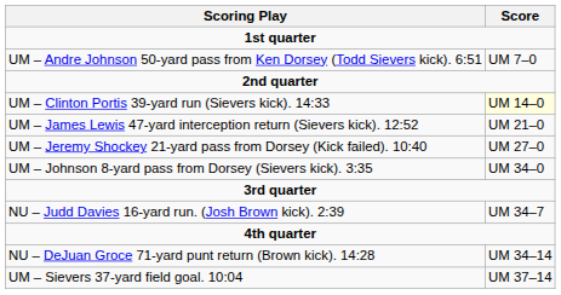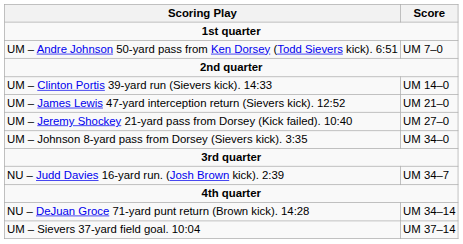 <table class="wikitable">
 <tr>
 <th>Scoring Play</th>
 <th>Score</th>
 </tr>
 <tr>
 <td colspan="4" align="center"><strong>1st quarter</strong></td>
 </tr>
 <tr>
 <td>UM – <a href='#'>Andre Johnson</a> 50-yard pass from <a href='#'>Ken Dorsey</a> (<a href='#'>Todd Sievers</a> kick). 6:51</td>
 <td>UM 7–0</td>
 </tr>
 <tr>
 <td colspan="4" align="center"><strong>2nd quarter</strong></td>
 </tr>
 <tr>
 <td>UM – <a href='#'>Clinton Portis</a> 39-yard run (Sievers kick). 14:33</td>
-<td style="background: lightyellow;">UM 14–0</td>
+<td>UM 14–0</td>
 </tr>
 <tr>
 <td>UM – <a href='#'>James Lewis</a> 47-yard interception return (Sievers kick). 12:52</td>
 <td>UM 21–0</td>
 </tr>
 <tr>
 <td>UM – <a href='#'>Jeremy Shockey</a> 21-yard pass from Dorsey (Kick failed). 10:40</td>
 <td>UM 27–0</td>
 </tr>
 <tr>
 <td>UM – Johnson 8-yard pass from Dorsey (Sievers kick). 3:35</td>
 <td>UM 34–0</td>
 </tr>
 <tr>
 <td colspan="6" align="center"><strong>3rd quarter</strong></td>
 </tr>
 <tr>
 <td>NU – <a href='#'>Judd Davies</a> 16-yard run. (<a href='#'>Josh Brown</a> kick). 2:39</td>
 <td>UM 34–7</td>
 </tr>
 <tr>
 <td colspan="6" align="center"><strong>4th quarter</strong></td>
 </tr>
 <tr>
 <td>NU – <a href='#'>DeJuan Groce</a> 71-yard punt return (Brown kick). 14:28</td>
 <td>UM 34–14</td>
 </tr>
 <tr>
 <td>UM – Sievers 37-yard field goal. 10:04</td>
 <td>UM 37–14</td>
 </tr>
 </table>
